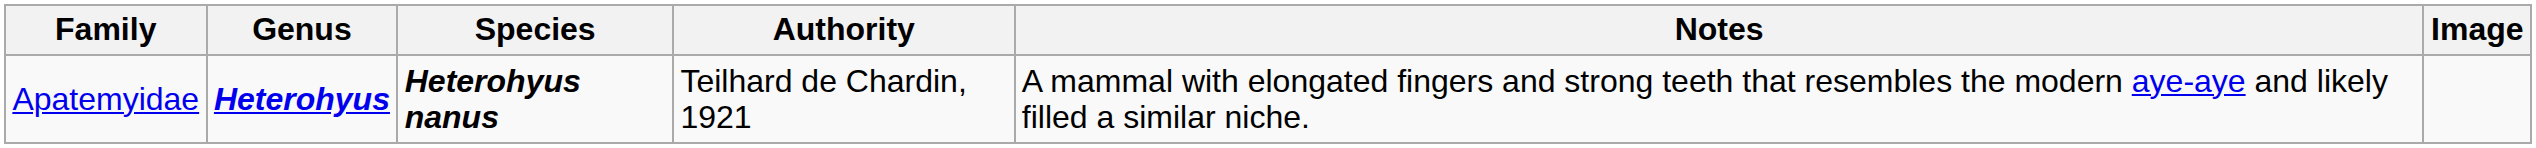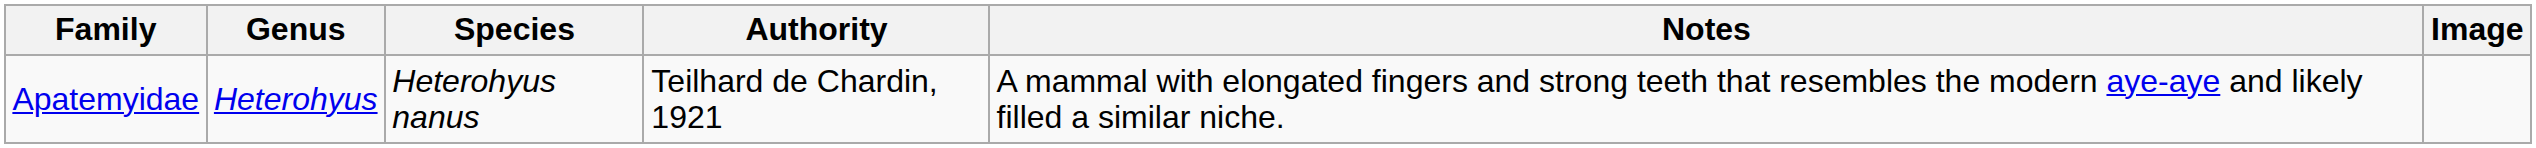 <table class="wikitable" align="center" width="100%">
 <tr>
 <th>Family</th>
 <th>Genus</th>
 <th>Species</th>
 <th>Authority</th>
 <th>Notes</th>
 <th>Image</th>
 </tr>
 <tr>
 <td><a href='#'>Apatemyidae</a></td>
-<td><strong><em><a href='#'>Heterohyus</a></em></strong></td>
-<td><strong><em>Heterohyus nanus</em></strong></td>
+<td><em><a href='#'>Heterohyus</a></em></td>
+<td><em>Heterohyus nanus</em></td>
 <td>Teilhard de Chardin, 1921</td>
 <td>A mammal with elongated fingers and strong teeth that resembles the modern <a href='#'>aye-aye</a> and likely filled a similar niche.</td>
 <td></td>
 </tr>
 <tr>
 </tr>
 </table>
